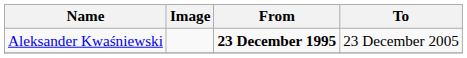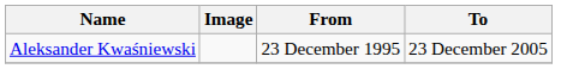 <table class="wikitable plainrowheaders" style="text-align:center;">
 <tr>
 <th>Name</th>
 <th>Image</th>
 <th>From</th>
 <th>To</th>
 </tr>
 <tr>
 <td><a href='#'>Aleksander Kwaśniewski</a></td>
 <td></td>
-<td><strong>23 December 1995</strong></td>
+<td>23 December 1995</td>
 <td>23 December 2005</td>
 </tr>
 <tr>
 </tr>
 </table>
